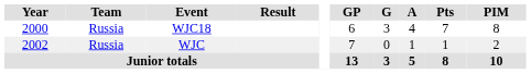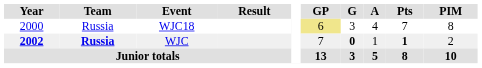 <table border="0" cellpadding="1" cellspacing="0" style="text-align:center; width:40em">
 <tr ALIGN="center" bgcolor="#e0e0e0">
 <th>Year</th>
 <th>Team</th>
 <th>Event</th>
 <th>Result</th>
 <th rowspan="99" bgcolor="#ffffff"> </th>
 <th>GP</th>
 <th>G</th>
 <th>A</th>
 <th>Pts</th>
 <th>PIM</th>
 </tr>
 <tr>
 <td><a href='#'>2000</a></td>
 <td><a href='#'>Russia</a></td>
 <td><a href='#'>WJC18</a></td>
 <td></td>
-<td>6</td>
+<td style="background: khaki;">6</td>
 <td>3</td>
 <td>4</td>
 <td>7</td>
 <td>8</td>
 </tr>
 <tr bgcolor="#f0f0f0">
-<td><a href='#'>2002</a></td>
-<td><a href='#'>Russia</a></td>
+<td><strong><a href='#'>2002</a></strong></td>
+<td><strong><a href='#'>Russia</a></strong></td>
 <td><a href='#'>WJC</a></td>
 <td></td>
 <td>7</td>
-<td>0</td>
+<td><strong>0</strong></td>
 <td>1</td>
-<td>1</td>
+<td><strong>1</strong></td>
 <td>2</td>
 </tr>
 <tr bgcolor="#e0e0e0">
 <th colspan="4">Junior totals</th>
 <th>13</th>
 <th>3</th>
 <th>5</th>
 <th>8</th>
 <th>10</th>
 </tr>
 </table>
